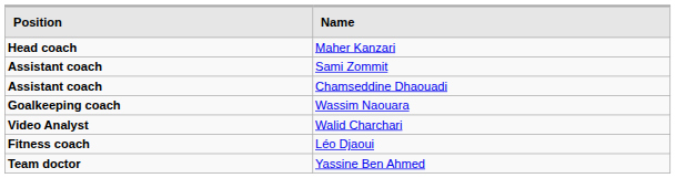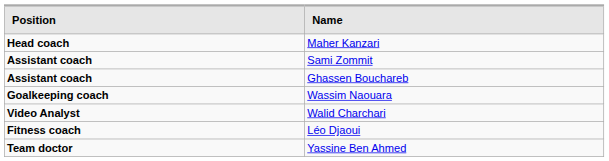 <table class="wikitable" style="width: 65%; text-align: left; border-collapse: collapse; font-size: 95%; font-family: 'Verdana', sans-serif; background-color: #f9f9f9; border: 1px solid #ccc; margin-top: 10px; float: left;">
 <tr>
 <th style="padding: 10px; background-color: #e6e6e6; border-top: 3px solid #aaa; text-align: left;">Position</th>
 <th style="padding: 10px; background-color: #e6e6e6; border-top: 3px solid #aaa; text-align: left;">Name</th>
 </tr>
 <tr>
 <td><strong>Head coach</strong></td>
 <td> <a href='#'>Maher Kanzari</a></td>
 </tr>
 <tr>
 <td><strong>Assistant coach</strong></td>
 <td> <a href='#'>Sami Zommit</a></td>
 </tr>
 <tr>
 <td><strong>Assistant coach</strong></td>
-<td> <a href='#'>Chamseddine Dhaouadi</a></td>
+<td> <a href='#'>Ghassen Bouchareb</a></td>
 </tr>
 <tr>
 <td><strong>Goalkeeping coach </strong></td>
 <td> <a href='#'>Wassim Naouara</a></td>
 </tr>
 <tr>
 <td><strong>Video Analyst</strong></td>
 <td> <a href='#'>Walid Charchari</a></td>
 </tr>
 <tr>
 <td><strong>Fitness coach</strong></td>
 <td> <a href='#'>Léo Djaoui</a></td>
 </tr>
 <tr>
 <td><strong>Team doctor</strong></td>
 <td> <a href='#'>Yassine Ben Ahmed</a></td>
 </tr>
 </table>
